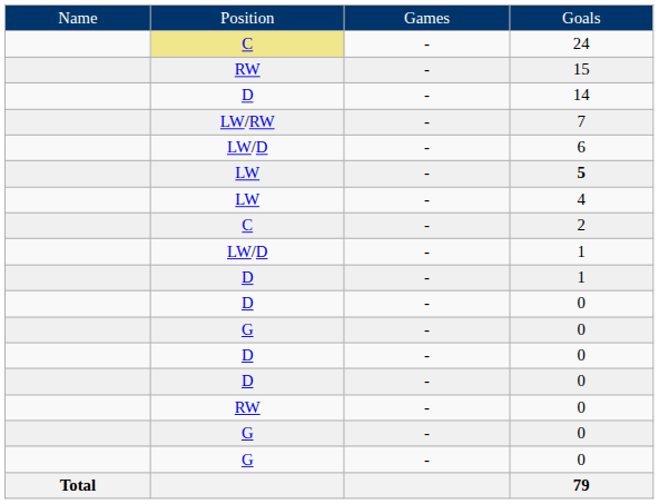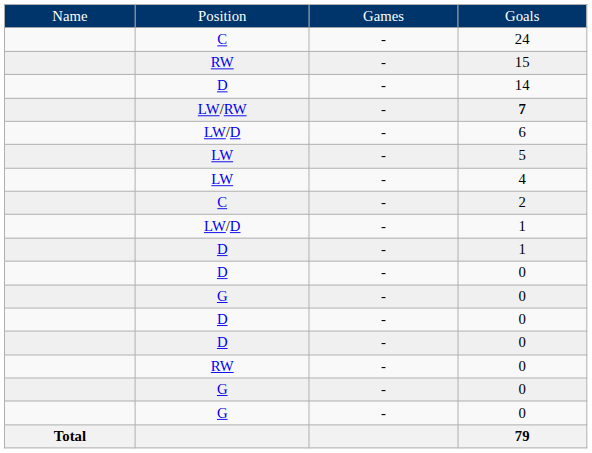 <table class="wikitable sortable" width ="40%">
 <tr align="center">
 <td style="color:white; background:#00356B">Name</td>
 <td style="color:white; background:#00356B">Position</td>
 <td style="color:white; background:#00356B">Games</td>
 <td style="color:white; background:#00356B">Goals</td>
 </tr>
 <tr align="center">
 <td></td>
-<td style="background: khaki;"><a href='#'>C</a></td>
+<td><a href='#'>C</a></td>
 <td>-</td>
 <td>24</td>
 </tr>
 <tr align="center" bgcolor="f0f0f0">
 <td></td>
 <td><a href='#'>RW</a></td>
 <td>-</td>
 <td>15</td>
 </tr>
 <tr align="center">
 <td></td>
 <td><a href='#'>D</a></td>
 <td>-</td>
 <td>14</td>
 </tr>
 <tr align="center" bgcolor="f0f0f0">
 <td></td>
 <td><a href='#'>LW</a>/<a href='#'>RW</a></td>
 <td>-</td>
-<td>7</td>
+<td><strong>7</strong></td>
 </tr>
 <tr align="center">
 <td></td>
 <td><a href='#'>LW</a>/<a href='#'>D</a></td>
 <td>-</td>
 <td>6</td>
 </tr>
 <tr align="center" bgcolor="f0f0f0">
 <td></td>
 <td><a href='#'>LW</a></td>
 <td>-</td>
-<td><strong>5</strong></td>
+<td>5</td>
 </tr>
 <tr align="center">
 <td></td>
 <td><a href='#'>LW</a></td>
 <td>-</td>
 <td>4</td>
 </tr>
 <tr align="center" bgcolor="f0f0f0">
 <td></td>
 <td><a href='#'>C</a></td>
 <td>-</td>
 <td>2</td>
 </tr>
 <tr align="center">
 <td></td>
 <td><a href='#'>LW</a>/<a href='#'>D</a></td>
 <td>-</td>
 <td>1</td>
 </tr>
 <tr align="center" bgcolor="f0f0f0">
 <td></td>
 <td><a href='#'>D</a></td>
 <td>-</td>
 <td>1</td>
 </tr>
 <tr align="center">
 <td></td>
 <td><a href='#'>D</a></td>
 <td>-</td>
 <td>0</td>
 </tr>
 <tr align="center" bgcolor="f0f0f0">
 <td></td>
 <td><a href='#'>G</a></td>
 <td>-</td>
 <td>0</td>
 </tr>
 <tr align="center" bgcolor="">
 <td></td>
 <td><a href='#'>D</a></td>
 <td>-</td>
 <td>0</td>
 </tr>
 <tr align="center" bgcolor="f0f0f0">
 <td></td>
 <td><a href='#'>D</a></td>
 <td>-</td>
 <td>0</td>
 </tr>
 <tr align="center" bgcolor="">
 <td></td>
 <td><a href='#'>RW</a></td>
 <td>-</td>
 <td>0</td>
 </tr>
 <tr align="center" bgcolor="f0f0f0">
 <td></td>
 <td><a href='#'>G</a></td>
 <td>-</td>
 <td>0</td>
 </tr>
 <tr align="center">
 <td></td>
 <td><a href='#'>G</a></td>
 <td>-</td>
 <td>0</td>
 </tr>
 <tr>
 <th>Total</th>
 <th></th>
 <th></th>
 <th>79</th>
 </tr>
 </table>
